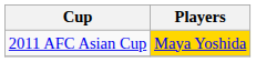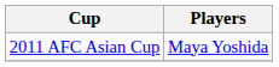 <table class="wikitable" style="text-align: left">
 <tr style="text-align: center">
 <th>Cup</th>
 <th>Players</th>
 </tr>
 <tr>
 <td align="left"> <a href='#'>2011 AFC Asian Cup</a></td>
-<td style="background: gold;"> <a href='#'>Maya Yoshida</a></td>
+<td> <a href='#'>Maya Yoshida</a></td>
 </tr>
 <tr>
 </tr>
 </table>
